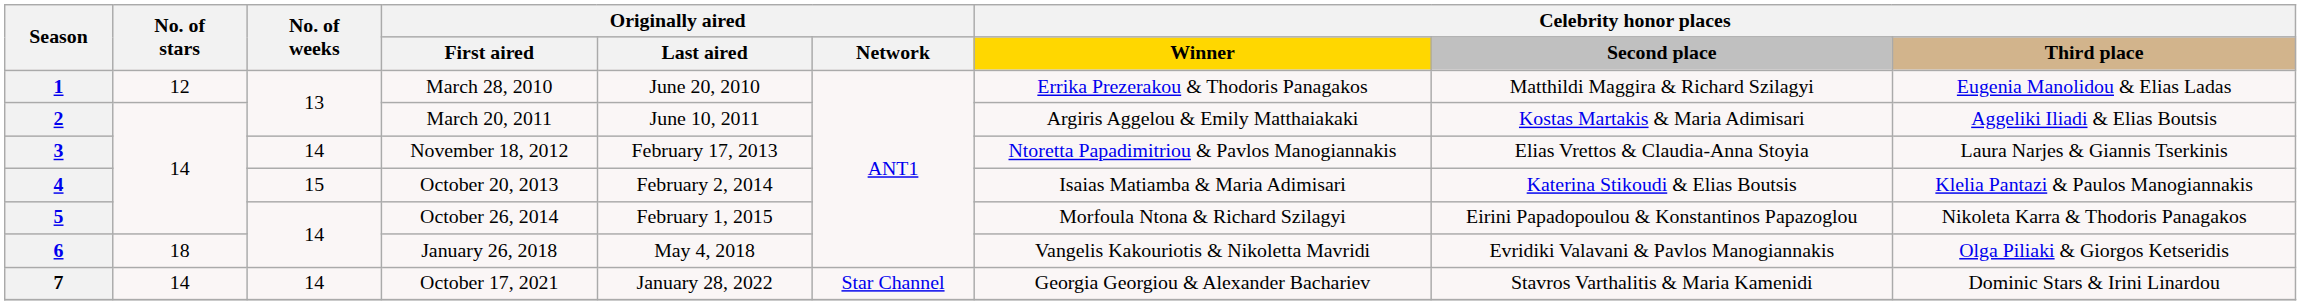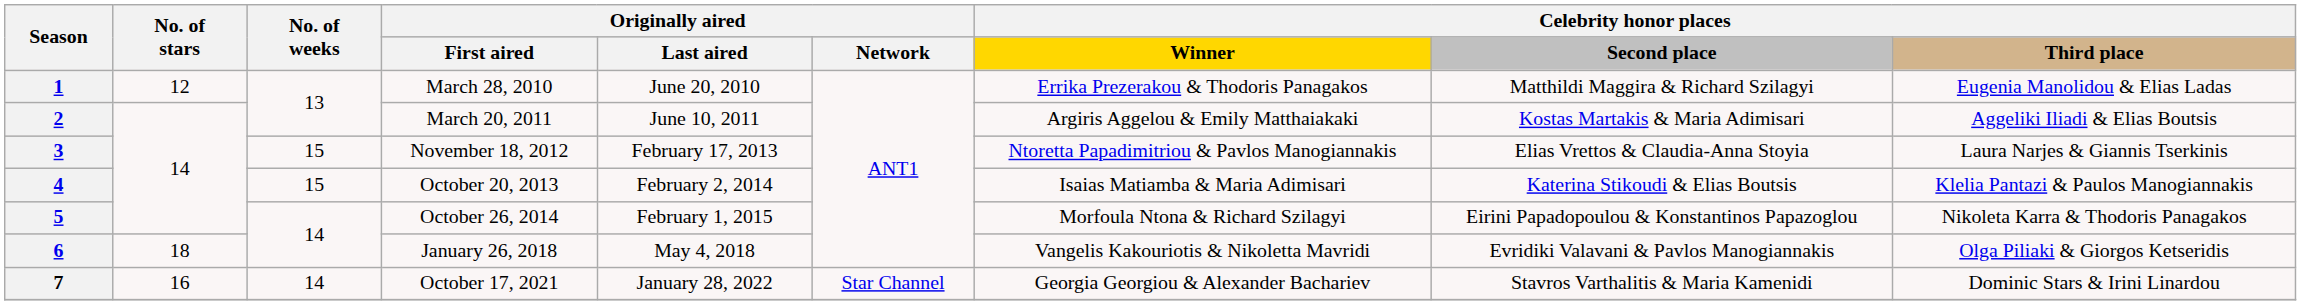 <table class="wikitable" style="white-space:nowrap; font-size:85%;">
 <tr>
 <th style="width:4%;" rowspan="2">Season</th>
 <th style="width:5%;" rowspan="2">No. of<br>stars</th>
 <th style="width:5%;" rowspan="2">No. of<br>weeks</th>
 <th style="width:22%;" colspan="3">Originally aired</th>
 <th style="width:45%;" colspan="3">Celebrity honor places</th>
 </tr>
 <tr>
 <th style="width:08%;">First aired</th>
 <th style="width:08%;">Last aired</th>
 <th style="width:06%;">Network</th>
 <th style="width:15%; background:gold;">Winner</th>
 <th style="width:15%; background:silver;">Second place</th>
 <th style="width:15%; background:tan;">Third place</th>
 </tr>
 <tr style="text-align: center; background:#faf6f6;">
 <th><a href='#'>1</a></th>
 <td>12</td>
 <td rowspan="2">13</td>
 <td>March 28, 2010</td>
 <td>June 20, 2010</td>
 <td rowspan="6"><a href='#'>ANT1</a></td>
 <td><a href='#'>Errika Prezerakou</a> & Thodoris Panagakos</td>
 <td>Matthildi Maggira & Richard Szilagyi</td>
 <td><a href='#'>Eugenia Manolidou</a> & Elias Ladas</td>
 </tr>
 <tr style="text-align: center; background:#faf6f6;">
 <th><a href='#'>2</a></th>
 <td rowspan="4">14</td>
 <td>March 20, 2011</td>
 <td>June 10, 2011</td>
 <td>Argiris Aggelou & Emily Matthaiakaki</td>
 <td><a href='#'>Kostas Martakis</a> & Maria Adimisari</td>
 <td><a href='#'>Aggeliki Iliadi</a> & Elias Boutsis</td>
 </tr>
 <tr style="text-align: center; background:#faf6f6;">
 <th><a href='#'>3</a></th>
-<td>14</td>
+<td>15</td>
 <td>November 18, 2012</td>
 <td>February 17, 2013</td>
 <td><a href='#'>Ntoretta Papadimitriou</a> & Pavlos Manogiannakis</td>
 <td>Elias Vrettos & Claudia-Anna Stoyia</td>
 <td>Laura Narjes & Giannis Tserkinis</td>
 </tr>
 <tr style="text-align: center; background:#faf6f6;">
 <th><a href='#'>4</a></th>
 <td>15</td>
 <td>October 20, 2013</td>
 <td>February 2, 2014</td>
 <td>Isaias Matiamba & Maria Adimisari</td>
 <td><a href='#'>Katerina Stikoudi</a> & Elias Boutsis</td>
 <td><a href='#'>Klelia Pantazi</a> & Paulos Manogiannakis</td>
 </tr>
 <tr style="text-align: center; background:#faf6f6;">
 <th><a href='#'>5</a></th>
 <td rowspan="2">14</td>
 <td>October 26, 2014</td>
 <td>February 1, 2015</td>
 <td>Morfoula Ntona & Richard Szilagyi</td>
 <td>Eirini Papadopoulou & Konstantinos Papazoglou</td>
 <td>Nikoleta Karra & Thodoris Panagakos</td>
 </tr>
 <tr style="text-align: center; background:#faf6f6;">
 <th><a href='#'>6</a></th>
 <td>18</td>
 <td>January 26, 2018</td>
 <td>May 4, 2018</td>
 <td>Vangelis Kakouriotis & Nikoletta Mavridi</td>
 <td>Evridiki Valavani & Pavlos Manogiannakis</td>
 <td><a href='#'>Olga Piliaki</a> & Giorgos Ketseridis</td>
 </tr>
 <tr style="text-align: center; background:#faf6f6;">
 <th>7</th>
-<td>14</td>
+<td>16</td>
 <td>14</td>
 <td>October 17, 2021</td>
 <td>January 28, 2022</td>
 <td><a href='#'>Star Channel</a></td>
 <td>Georgia Georgiou & Alexander Bachariev</td>
 <td>Stavros Varthalitis & Maria Kamenidi</td>
 <td>Dominic Stars & Irini Linardou</td>
 </tr>
 <tr>
 </tr>
 </table>
